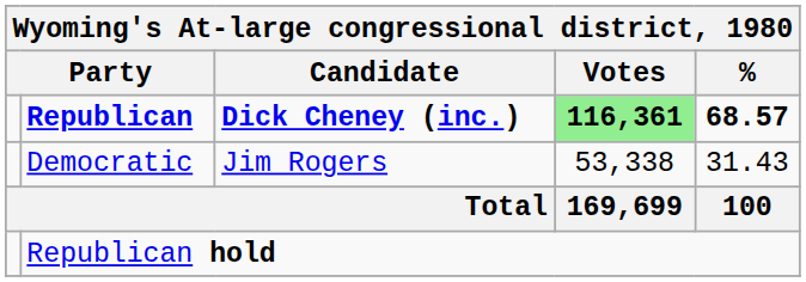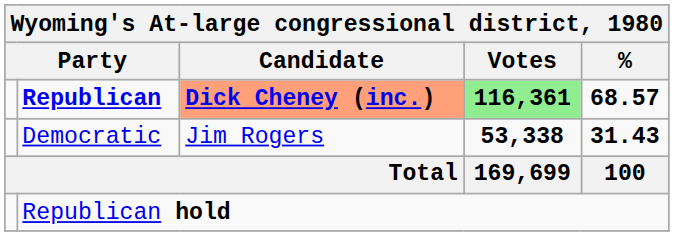 <table class=wikitable>
 <tr>
 <th colspan = 6>Wyoming's At-large congressional district, 1980</th>
 </tr>
 <tr>
 <th colspan=2>Party</th>
 <th>Candidate</th>
 <th>Votes</th>
 <th>%</th>
 </tr>
 <tr>
 <td></td>
 <td><strong><a href='#'>Republican</a></strong></td>
-<td><strong><a href='#'>Dick Cheney</a> (<a href='#'>inc.</a>)</strong></td>
+<td style="background: lightsalmon;"><strong><a href='#'>Dick Cheney</a> (<a href='#'>inc.</a>)</strong></td>
 <td align=center style="background: lightgreen;"><strong>116,361</strong></td>
 <td align=center><strong>68.57</strong></td>
 </tr>
 <tr>
 <td></td>
 <td><a href='#'>Democratic</a></td>
 <td><a href='#'>Jim Rogers</a></td>
-<td align=center>53,338</td>
-<td align=center>31.43</td>
+<td align=center><strong>53,338</strong></td>
+<td align=center><strong>31.43</strong></td>
 </tr>
 <tr>
 <th colspan=3; style="text-align:right;">Total</th>
 <th align=center>169,699</th>
 <th align=center>100</th>
 </tr>
 <tr>
 <td></td>
 <td colspan=6; style="text-align:left;"><a href='#'>Republican</a> <strong>hold</strong></td>
 </tr>
 </table>
